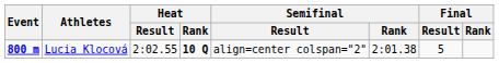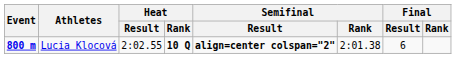 <table class="wikitable" border="1" style="font-size:90%">
 <tr>
 <th rowspan="2">Event</th>
 <th rowspan="2">Athletes</th>
 <th colspan="2">Heat</th>
 <th colspan="2">Semifinal</th>
 <th colspan="2">Final</th>
 </tr>
 <tr>
 <th>Result</th>
 <th>Rank</th>
 <th>Result</th>
 <th>Rank</th>
 <th>Result</th>
 <th>Rank</th>
 </tr>
 <tr>
 <td><strong><a href='#'>800 m</a></strong></td>
 <td><a href='#'>Lucia Klocová</a></td>
 <td align=center>2:02.55</td>
 <td align=center><strong>10 Q</strong></td>
-<td>align=center colspan="2" </td>
+<td><strong>align=center colspan="2" </strong></td>
 <td align=center>2:01.38</td>
-<td align=center>5</td>
+<td align=center>6</td>
 </tr>
 </table>
